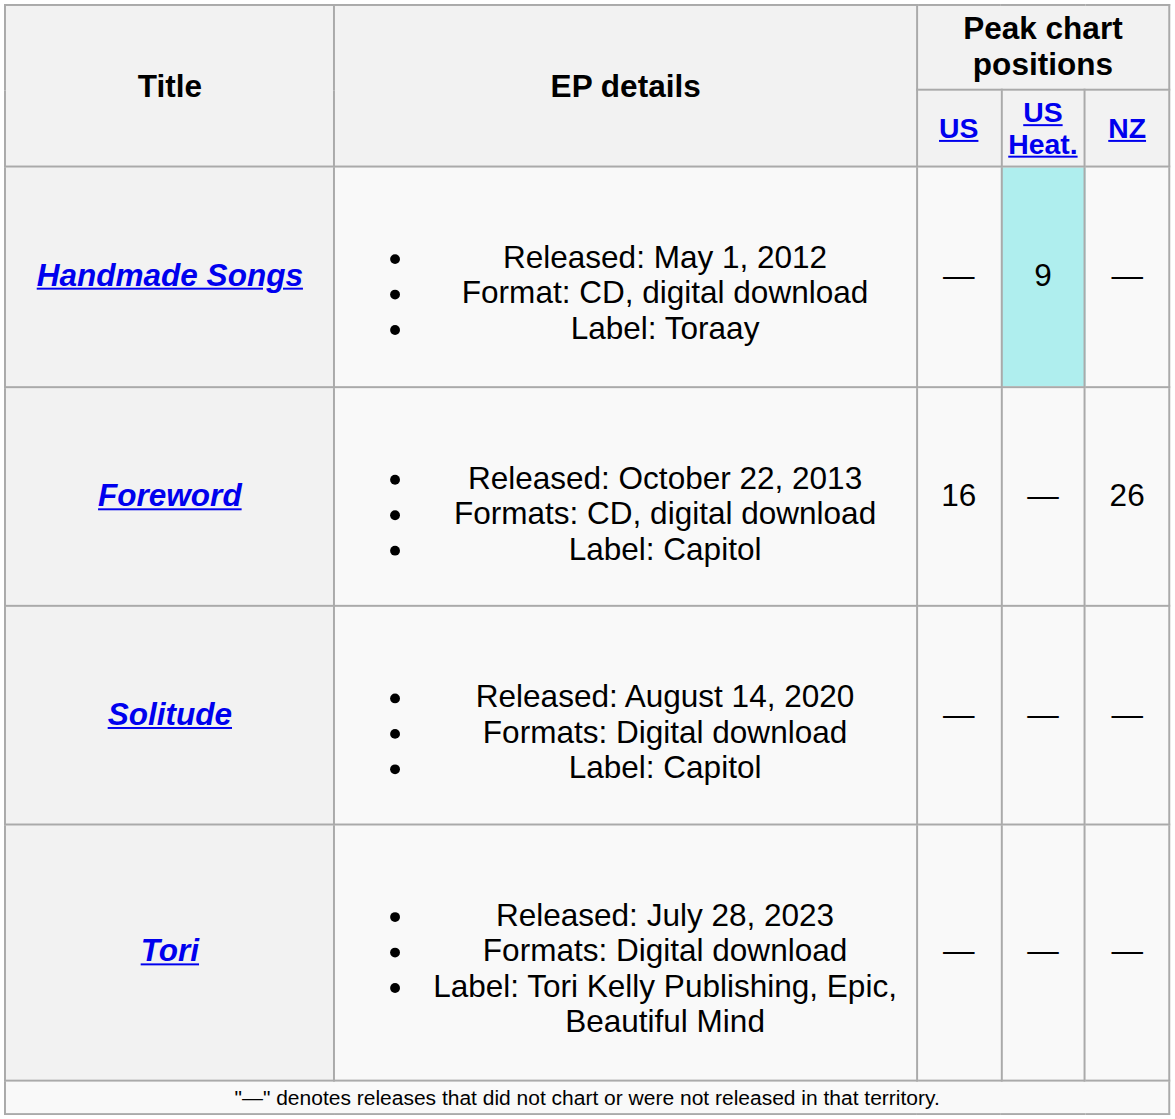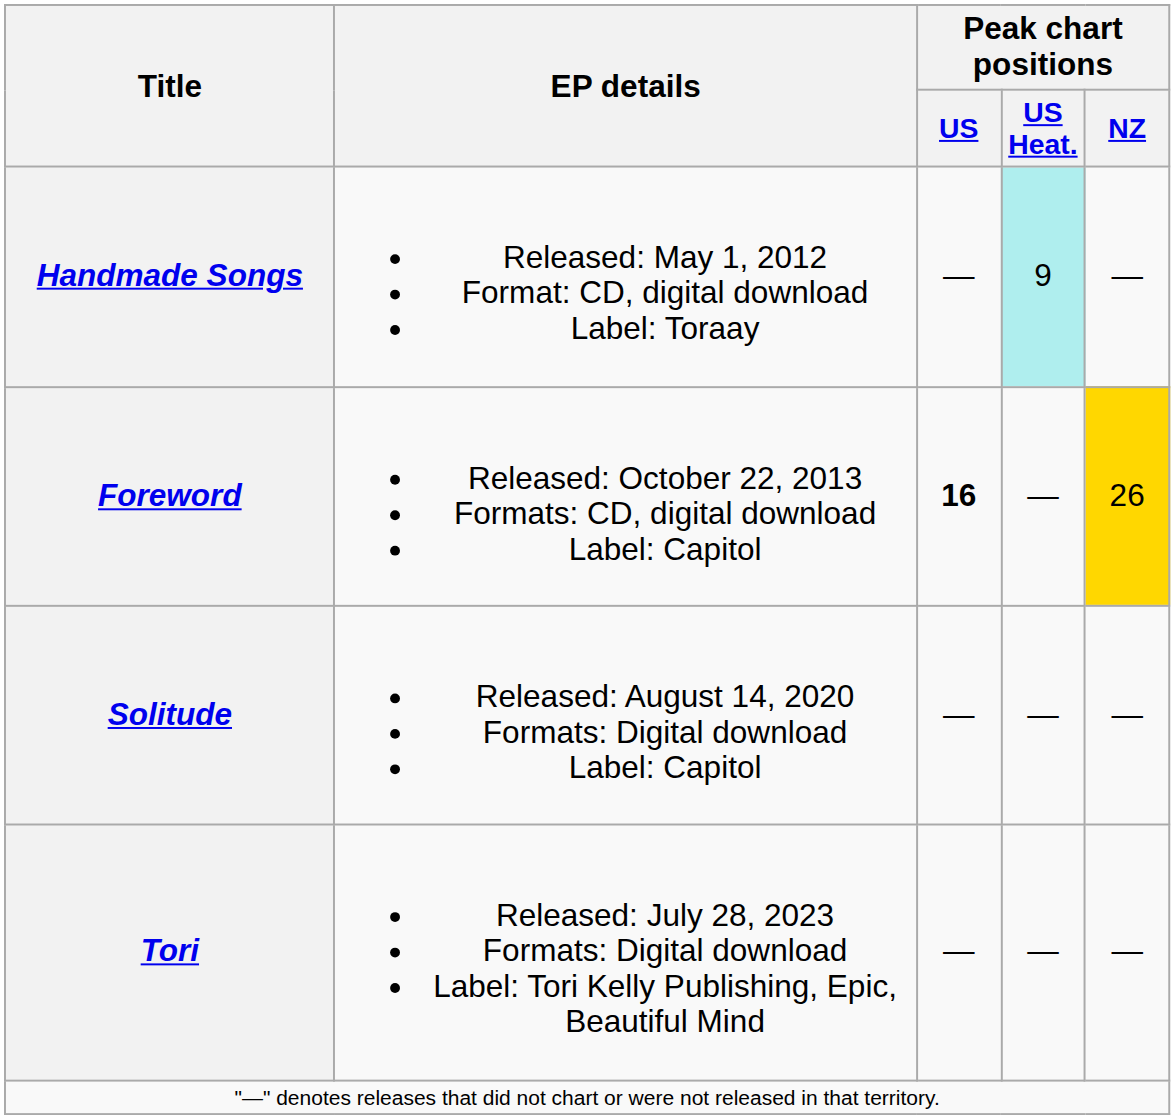 <table class="wikitable plainrowheaders" style="text-align:center;">
 <tr>
 <th rowspan="2" style="width:10em;">Title</th>
 <th rowspan="2" style="width:18em;">EP details</th>
 <th scope="col" colspan="10">Peak chart<br>positions</th>
 </tr>
 <tr>
 <th scope="col" style="width:2.5em;font-size:90%;"><a href='#'>US</a><br></th>
 <th scope="col" style="width:2.5em;font-size:90%;"><a href='#'>US<br>Heat.</a><br></th>
 <th scope="col" style="width:2.5em;font-size:90%;"><a href='#'>NZ</a><br></th>
 </tr>
 <tr>
 <th scope="row"><em><a href='#'>Handmade Songs</a></em></th>
 <td><br><ul><li>Released: May 1, 2012</li><li>Format: CD, digital download</li><li>Label: Toraay</li></ul></td>
 <td>—</td>
 <td style="background: paleturquoise;">9</td>
 <td>—</td>
 </tr>
 <tr>
 <th scope="row"><em><a href='#'>Foreword</a></em></th>
 <td><br><ul><li>Released: October 22, 2013</li><li>Formats: CD, digital download</li><li>Label: Capitol</li></ul></td>
-<td>16</td>
+<td><strong>16</strong></td>
 <td>—</td>
-<td>26</td>
+<td style="background: gold;">26</td>
 </tr>
 <tr>
 <th scope="row"><em><a href='#'>Solitude</a></em></th>
 <td><br><ul><li>Released: August 14, 2020</li><li>Formats: Digital download</li><li>Label: Capitol</li></ul></td>
 <td>—</td>
 <td>—</td>
 <td>—</td>
 </tr>
 <tr>
 <th scope="row"><em><a href='#'>Tori</a></em></th>
 <td><br><ul><li>Released: July 28, 2023</li><li>Formats: Digital download</li><li>Label: Tori Kelly Publishing, Epic, Beautiful Mind</li></ul></td>
 <td>—</td>
 <td>—</td>
 <td>—</td>
 </tr>
 <tr>
 <td colspan="5" style="font-size:8pt">"—" denotes releases that did not chart or were not released in that territory.</td>
 </tr>
 </table>
